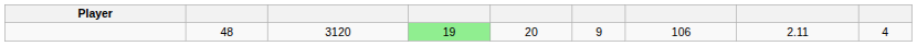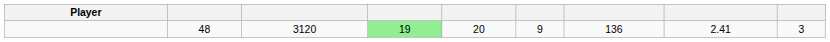 <table class="wikitable sortable" style="width:100%;">
 <tr style="text-align:center; background:#ddd;">
 <th>Player</th>
 <th></th>
 <th></th>
 <th></th>
 <th></th>
 <th></th>
 <th></th>
 <th></th>
 <th></th>
 </tr>
 <tr align=center>
 <td></td>
 <td>48</td>
 <td>3120</td>
 <td style="background: lightgreen;">19</td>
 <td>20</td>
 <td>9</td>
-<td>106</td>
-<td>2.11</td>
-<td>4</td>
+<td>136</td>
+<td>2.41</td>
+<td>3</td>
 </tr>
 </table>
